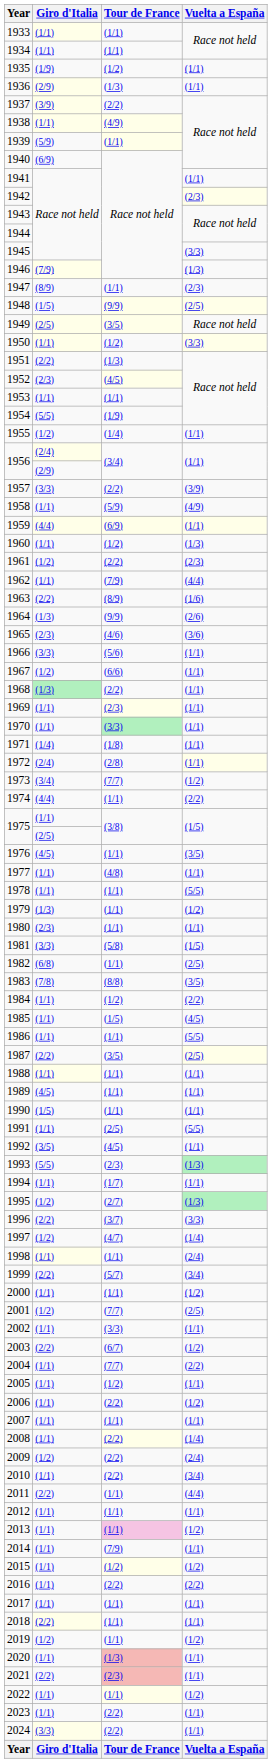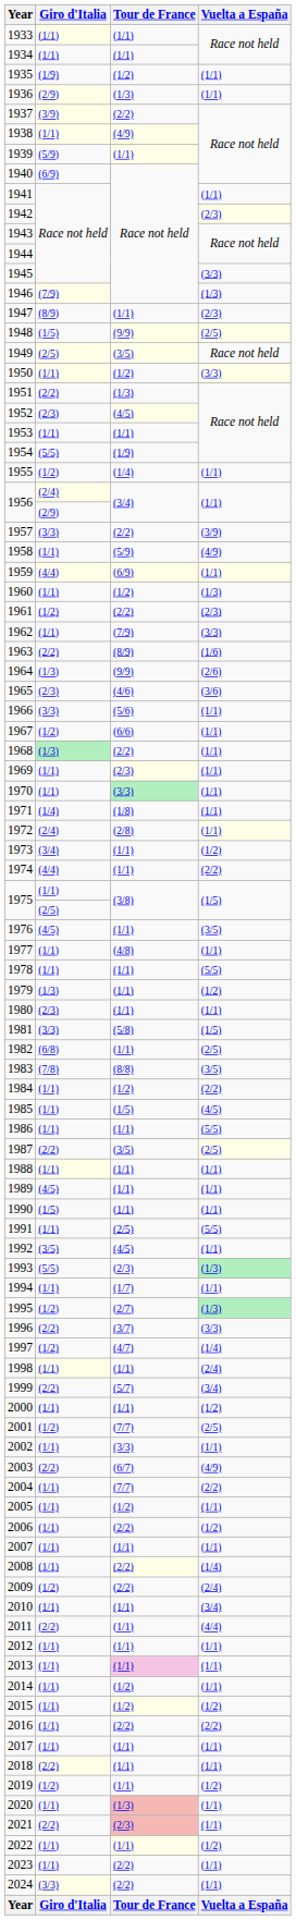 <table class="wikitable sortable">
 <tr>
 <th>Year</th>
 <th> <a href='#'>Giro d'Italia</a></th>
 <th> <a href='#'>Tour de France</a></th>
 <th> <a href='#'>Vuelta a España</a></th>
 </tr>
 <tr>
 <td>1933</td>
 <td style="background: #ffffe8"> <small><a href='#'>(1/1)</a></small></td>
 <td> <small><a href='#'>(1/1)</a></small></td>
 <td style="text-align:center;" rowspan="2"><em>Race not held</em></td>
 </tr>
 <tr>
 <td>1934</td>
 <td> <small><a href='#'>(1/1)</a></small></td>
 <td> <small><a href='#'>(1/1)</a></small></td>
 </tr>
 <tr>
 <td>1935</td>
 <td> <small><a href='#'>(1/9)</a></small></td>
 <td> <small><a href='#'>(1/2)</a></small></td>
 <td> <small><a href='#'>(1/1)</a></small></td>
 </tr>
 <tr>
 <td>1936</td>
 <td style="background: #ffffe8"> <small><a href='#'>(2/9)</a></small></td>
 <td> <small><a href='#'>(1/3)</a></small></td>
 <td> <small><a href='#'>(1/1)</a></small></td>
 </tr>
 <tr>
 <td>1937</td>
 <td style="background: #ffffe8"> <small><a href='#'>(3/9)</a></small></td>
 <td> <small><a href='#'>(2/2)</a></small></td>
 <td style="text-align:center;" rowspan="4"><em>Race not held</em></td>
 </tr>
 <tr>
 <td>1938</td>
 <td style="background: #ffffe8"> <small><a href='#'>(1/1)</a></small></td>
 <td style="background: #ffffe8"> <small><a href='#'>(4/9)</a></small></td>
 </tr>
 <tr>
 <td>1939</td>
 <td> <small><a href='#'>(5/9)</a></small></td>
 <td style="background: #ffffe8"> <small><a href='#'>(1/1)</a></small></td>
 </tr>
 <tr>
 <td>1940</td>
 <td> <small><a href='#'>(6/9)</a></small></td>
 <td style="text-align:center;" rowspan="7"><em>Race not held</em></td>
 </tr>
 <tr>
 <td>1941</td>
 <td style="text-align:center;" rowspan="5"><em>Race not held</em></td>
 <td> <small><a href='#'>(1/1)</a></small></td>
 </tr>
 <tr>
 <td>1942</td>
 <td style="background: #ffffe8"> <small><a href='#'>(2/3)</a></small></td>
 </tr>
 <tr>
 <td>1943</td>
 <td style="text-align:center;" rowspan="2"><em>Race not held</em></td>
 </tr>
 <tr>
 <td>1944</td>
 </tr>
 <tr>
 <td>1945</td>
 <td> <small><a href='#'>(3/3)</a></small></td>
 </tr>
 <tr>
 <td>1946</td>
 <td style="background: #ffffe8"> <small><a href='#'>(7/9)</a></small></td>
 <td> <small><a href='#'>(1/3)</a></small></td>
 </tr>
 <tr>
 <td>1947</td>
 <td> <small><a href='#'>(8/9)</a></small></td>
 <td> <small><a href='#'>(1/1)</a></small></td>
 <td> <small><a href='#'>(2/3)</a></small></td>
 </tr>
 <tr>
 <td>1948</td>
 <td> <small><a href='#'>(1/5)</a></small></td>
 <td style="background: #ffffe8"> <small><a href='#'>(9/9)</a></small></td>
 <td style="background: #ffffe8"> <small><a href='#'>(2/5)</a></small></td>
 </tr>
 <tr>
 <td>1949</td>
 <td style="background: #ffffe8"> <small><a href='#'>(2/5)</a></small></td>
 <td style="background: #ffffe8"> <small><a href='#'>(3/5)</a></small></td>
 <td style="text-align:center;"><em>Race not held</em></td>
 </tr>
 <tr>
 <td>1950</td>
 <td style="background: #ffffe8"> <small><a href='#'>(1/1)</a></small></td>
 <td> <small><a href='#'>(1/2)</a></small></td>
 <td style="background: #ffffe8"> <small><a href='#'>(3/3)</a></small></td>
 </tr>
 <tr>
 <td>1951</td>
 <td> <small><a href='#'>(2/2)</a></small></td>
 <td> <small><a href='#'>(1/3)</a></small></td>
 <td style="text-align:center;" rowspan="4"><em>Race not held</em></td>
 </tr>
 <tr>
 <td>1952</td>
 <td> <small><a href='#'>(2/3)</a></small></td>
 <td style="background: #ffffe8"> <small><a href='#'>(4/5)</a></small></td>
 </tr>
 <tr>
 <td>1953</td>
 <td> <small><a href='#'>(1/1)</a></small></td>
 <td> <small><a href='#'>(1/1)</a></small></td>
 </tr>
 <tr>
 <td>1954</td>
 <td> <small><a href='#'>(5/5)</a></small></td>
 <td> <small><a href='#'>(1/9)</a></small></td>
 </tr>
 <tr>
 <td>1955</td>
 <td> <small><a href='#'>(1/2)</a></small></td>
 <td> <small><a href='#'>(1/4)</a></small></td>
 <td> <small><a href='#'>(1/1)</a></small></td>
 </tr>
 <tr>
 <td rowspan=2>1956</td>
 <td style="background: #ffffe8"> <small><a href='#'>(2/4)</a></small></td>
 <td rowspan=2> <small><a href='#'>(3/4)</a></small></td>
 <td rowspan=2> <small><a href='#'>(1/1)</a></small></td>
 </tr>
 <tr>
 <td> <small><a href='#'>(2/9)</a></small></td>
 </tr>
 <tr>
 <td>1957</td>
 <td> <small><a href='#'>(3/3)</a></small></td>
 <td> <small><a href='#'>(2/2)</a></small></td>
 <td> <small><a href='#'>(3/9)</a></small></td>
 </tr>
 <tr>
 <td>1958</td>
 <td> <small><a href='#'>(1/1)</a></small></td>
 <td> <small><a href='#'>(5/9)</a></small></td>
 <td> <small><a href='#'>(4/9)</a></small></td>
 </tr>
 <tr>
 <td>1959</td>
 <td style="background: #ffffe8"> <small><a href='#'>(4/4)</a></small></td>
 <td style="background: #ffffe8"> <small><a href='#'>(6/9)</a></small></td>
 <td style="background: #ffffe8"> <small><a href='#'>(1/1)</a></small></td>
 </tr>
 <tr>
 <td>1960</td>
 <td> <small><a href='#'>(1/1)</a></small></td>
 <td> <small><a href='#'>(1/2)</a></small></td>
 <td> <small><a href='#'>(1/3)</a></small></td>
 </tr>
 <tr>
 <td>1961</td>
 <td> <small><a href='#'>(1/2)</a></small></td>
 <td> <small><a href='#'>(2/2)</a></small></td>
 <td> <small><a href='#'>(2/3)</a></small></td>
 </tr>
 <tr>
 <td>1962</td>
 <td> <small><a href='#'>(1/1)</a></small></td>
 <td> <small><a href='#'>(7/9)</a></small></td>
-<td> <small><a href='#'>(4/4)</a></small></td>
+<td> <small><a href='#'>(3/3)</a></small></td>
 </tr>
 <tr>
 <td>1963</td>
 <td> <small><a href='#'>(2/2)</a></small></td>
 <td> <small><a href='#'>(8/9)</a></small></td>
 <td> <small><a href='#'>(1/6)</a></small></td>
 </tr>
 <tr>
 <td>1964</td>
 <td> <small><a href='#'>(1/3)</a></small></td>
 <td> <small><a href='#'>(9/9)</a></small></td>
 <td> <small><a href='#'>(2/6)</a></small></td>
 </tr>
 <tr>
 <td>1965</td>
 <td> <small><a href='#'>(2/3)</a></small></td>
 <td> <small><a href='#'>(4/6)</a></small></td>
 <td> <small><a href='#'>(3/6)</a></small></td>
 </tr>
 <tr>
 <td>1966</td>
 <td> <small><a href='#'>(3/3)</a></small></td>
 <td> <small><a href='#'>(5/6)</a></small></td>
 <td> <small><a href='#'>(1/1)</a></small></td>
 </tr>
 <tr>
 <td>1967</td>
 <td> <small><a href='#'>(1/2)</a></small></td>
 <td> <small><a href='#'>(6/6)</a></small></td>
 <td> <small><a href='#'>(1/1)</a></small></td>
 </tr>
 <tr>
 <td>1968</td>
 <td style="background: #b1f0be"> <small><a href='#'>(1/3)</a></small></td>
 <td> <small><a href='#'>(2/2)</a></small></td>
 <td> <small><a href='#'>(1/1)</a></small></td>
 </tr>
 <tr>
 <td>1969</td>
 <td> <small><a href='#'>(1/1)</a></small></td>
 <td style="background: #ffffe8"> <small><a href='#'>(2/3)</a></small></td>
 <td> <small><a href='#'>(1/1)</a></small></td>
 </tr>
 <tr>
 <td>1970</td>
 <td> <small><a href='#'>(1/1)</a></small></td>
 <td style="background: #b1f0be"> <small><a href='#'>(3/3)</a></small></td>
 <td> <small><a href='#'>(1/1)</a></small></td>
 </tr>
 <tr>
 <td>1971</td>
 <td> <small><a href='#'>(1/4)</a></small></td>
 <td> <small><a href='#'>(1/8)</a></small></td>
 <td> <small><a href='#'>(1/1)</a></small></td>
 </tr>
 <tr>
 <td>1972</td>
 <td> <small><a href='#'>(2/4)</a></small></td>
 <td> <small><a href='#'>(2/8)</a></small></td>
 <td style="background: #ffffe8"> <small><a href='#'>(1/1)</a></small></td>
 </tr>
 <tr>
 <td>1973</td>
 <td> <small><a href='#'>(3/4)</a></small></td>
-<td> <small><a href='#'>(7/7)</a></small></td>
+<td> <small><a href='#'>(1/1)</a></small></td>
 <td> <small><a href='#'>(1/2)</a></small></td>
 </tr>
 <tr>
 <td>1974</td>
 <td> <small><a href='#'>(4/4)</a></small></td>
 <td> <small><a href='#'>(1/1)</a></small></td>
 <td> <small><a href='#'>(2/2)</a></small></td>
 </tr>
 <tr>
 <td rowspan=2>1975</td>
 <td> <small><a href='#'>(1/1)</a></small></td>
 <td rowspan=2> <small><a href='#'>(3/8)</a></small></td>
 <td rowspan=2> <small><a href='#'>(1/5)</a></small></td>
 </tr>
 <tr>
 <td> <small><a href='#'>(2/5)</a></small></td>
 </tr>
 <tr>
 <td>1976</td>
 <td> <small><a href='#'>(4/5)</a></small></td>
 <td> <small><a href='#'>(1/1)</a></small></td>
 <td> <small><a href='#'>(3/5)</a></small></td>
 </tr>
 <tr>
 <td>1977</td>
 <td> <small><a href='#'>(1/1)</a></small></td>
 <td> <small><a href='#'>(4/8)</a></small></td>
 <td> <small><a href='#'>(1/1)</a></small></td>
 </tr>
 <tr>
 <td>1978</td>
 <td> <small><a href='#'>(1/1)</a></small></td>
 <td> <small><a href='#'>(1/1)</a></small></td>
 <td> <small><a href='#'>(5/5)</a></small></td>
 </tr>
 <tr>
 <td>1979</td>
 <td> <small><a href='#'>(1/3)</a></small></td>
 <td> <small><a href='#'>(1/1)</a></small></td>
 <td> <small><a href='#'>(1/2)</a></small></td>
 </tr>
 <tr>
 <td>1980</td>
 <td> <small><a href='#'>(2/3)</a></small></td>
 <td> <small><a href='#'>(1/1)</a></small></td>
 <td> <small><a href='#'>(1/1)</a></small></td>
 </tr>
 <tr>
 <td>1981</td>
 <td> <small><a href='#'>(3/3)</a></small></td>
 <td> <small><a href='#'>(5/8)</a></small></td>
 <td> <small><a href='#'>(1/5)</a></small></td>
 </tr>
 <tr>
 <td>1982</td>
 <td> <small><a href='#'>(6/8)</a></small></td>
 <td> <small><a href='#'>(1/1)</a></small></td>
 <td> <small><a href='#'>(2/5)</a></small></td>
 </tr>
 <tr>
 <td>1983</td>
 <td> <small><a href='#'>(7/8)</a></small></td>
 <td> <small><a href='#'>(8/8)</a></small></td>
 <td> <small><a href='#'>(3/5)</a></small></td>
 </tr>
 <tr>
 <td>1984</td>
 <td> <small><a href='#'>(1/1)</a></small></td>
 <td> <small><a href='#'>(1/2)</a></small></td>
 <td> <small><a href='#'>(2/2)</a></small></td>
 </tr>
 <tr>
 <td>1985</td>
 <td> <small><a href='#'>(1/1)</a></small></td>
 <td> <small><a href='#'>(1/5)</a></small></td>
 <td> <small><a href='#'>(4/5)</a></small></td>
 </tr>
 <tr>
 <td>1986</td>
 <td> <small><a href='#'>(1/1)</a></small></td>
 <td> <small><a href='#'>(1/1)</a></small></td>
 <td> <small><a href='#'>(5/5)</a></small></td>
 </tr>
 <tr>
 <td>1987</td>
 <td> <small><a href='#'>(2/2)</a></small></td>
 <td> <small><a href='#'>(3/5)</a></small></td>
 <td style="background: #ffffe8"> <small><a href='#'>(2/5)</a></small></td>
 </tr>
 <tr>
 <td>1988</td>
 <td style="background: #ffffe8"> <small><a href='#'>(1/1)</a></small></td>
 <td> <small><a href='#'>(1/1)</a></small></td>
 <td> <small><a href='#'>(1/1)</a></small></td>
 </tr>
 <tr>
 <td>1989</td>
 <td> <small><a href='#'>(4/5)</a></small></td>
 <td> <small><a href='#'>(1/1)</a></small></td>
 <td> <small><a href='#'>(1/1)</a></small></td>
 </tr>
 <tr>
 <td>1990</td>
 <td> <small><a href='#'>(1/5)</a></small></td>
 <td> <small><a href='#'>(1/1)</a></small></td>
 <td> <small><a href='#'>(1/1)</a></small></td>
 </tr>
 <tr>
 <td>1991</td>
 <td> <small><a href='#'>(1/1)</a></small></td>
 <td> <small><a href='#'>(2/5)</a></small></td>
 <td> <small><a href='#'>(5/5)</a></small></td>
 </tr>
 <tr>
 <td>1992</td>
 <td> <small><a href='#'>(3/5)</a></small></td>
 <td> <small><a href='#'>(4/5)</a></small></td>
 <td> <small><a href='#'>(1/1)</a></small></td>
 </tr>
 <tr>
 <td>1993</td>
 <td> <small><a href='#'>(5/5)</a></small></td>
 <td> <small><a href='#'>(2/3)</a></small></td>
 <td style="background: #b1f0be"> <small><a href='#'>(1/3)</a></small></td>
 </tr>
 <tr>
 <td>1994</td>
 <td> <small><a href='#'>(1/1)</a></small></td>
 <td> <small><a href='#'>(1/7)</a></small></td>
 <td> <small><a href='#'>(1/1)</a></small></td>
 </tr>
 <tr>
 <td>1995</td>
 <td> <small><a href='#'>(1/2)</a></small></td>
 <td> <small><a href='#'>(2/7)</a></small></td>
 <td style="background: #b1f0be"> <small><a href='#'>(1/3)</a></small></td>
 </tr>
 <tr>
 <td>1996</td>
 <td> <small><a href='#'>(2/2)</a></small></td>
 <td> <small><a href='#'>(3/7)</a></small></td>
 <td> <small><a href='#'>(3/3)</a></small></td>
 </tr>
 <tr>
 <td>1997</td>
 <td> <small><a href='#'>(1/2)</a></small></td>
 <td> <small><a href='#'>(4/7)</a></small></td>
 <td> <small><a href='#'>(1/4)</a></small></td>
 </tr>
 <tr>
 <td>1998</td>
 <td style="background: #ffffe8"> <small><a href='#'>(1/1)</a></small></td>
 <td> <small><a href='#'>(1/1)</a></small></td>
 <td> <small><a href='#'>(2/4)</a></small></td>
 </tr>
 <tr>
 <td>1999</td>
 <td> <small><a href='#'>(2/2)</a></small></td>
 <td> <small><a href='#'>(5/7)</a></small></td>
 <td> <small><a href='#'>(3/4)</a></small></td>
 </tr>
 <tr>
 <td>2000</td>
 <td> <small><a href='#'>(1/1)</a></small></td>
 <td> <small><a href='#'>(1/1)</a></small></td>
 <td> <small><a href='#'>(1/2)</a></small></td>
 </tr>
 <tr>
 <td>2001</td>
 <td> <small><a href='#'>(1/2)</a></small></td>
 <td> <small><a href='#'>(7/7)</a></small></td>
 <td> <small><a href='#'>(2/5)</a></small></td>
 </tr>
 <tr>
 <td>2002</td>
 <td> <small><a href='#'>(1/1)</a></small></td>
 <td> <small><a href='#'>(3/3)</a></small></td>
 <td> <small><a href='#'>(1/1)</a></small></td>
 </tr>
 <tr>
 <td>2003</td>
 <td> <small><a href='#'>(2/2)</a></small></td>
 <td> <small><a href='#'>(6/7)</a></small></td>
-<td> <small><a href='#'>(1/2)</a></small></td>
+<td> <small><a href='#'>(4/9)</a></small></td>
 </tr>
 <tr>
 <td>2004</td>
 <td> <small><a href='#'>(1/1)</a></small></td>
 <td> <small><a href='#'>(7/7)</a></small></td>
 <td> <small><a href='#'>(2/2)</a></small></td>
 </tr>
 <tr>
 <td>2005</td>
 <td> <small><a href='#'>(1/1)</a></small></td>
 <td> <small><a href='#'>(1/2)</a></small></td>
 <td> <small><a href='#'>(1/1)</a></small></td>
 </tr>
 <tr>
 <td>2006</td>
 <td> <small><a href='#'>(1/1)</a></small></td>
 <td> <small><a href='#'>(2/2)</a></small></td>
 <td> <small><a href='#'>(1/2)</a></small></td>
 </tr>
 <tr>
 <td>2007</td>
 <td> <small><a href='#'>(1/1)</a></small></td>
 <td> <small><a href='#'>(1/1)</a></small></td>
 <td> <small><a href='#'>(1/1)</a></small></td>
 </tr>
 <tr>
 <td>2008</td>
 <td> <small><a href='#'>(1/1)</a></small></td>
 <td style="background: #ffffe8"> <small><a href='#'>(2/2)</a></small></td>
 <td> <small><a href='#'>(1/4)</a></small></td>
 </tr>
 <tr>
 <td>2009</td>
 <td> <small><a href='#'>(1/2)</a></small></td>
 <td> <small><a href='#'>(2/2)</a></small></td>
 <td> <small><a href='#'>(2/4)</a></small></td>
 </tr>
 <tr>
 <td>2010</td>
 <td> <small><a href='#'>(1/1)</a></small></td>
-<td> <small><a href='#'>(2/2)</a></small></td>
+<td> <small><a href='#'>(1/1)</a></small></td>
 <td> <small><a href='#'>(3/4)</a></small></td>
 </tr>
 <tr>
 <td>2011</td>
 <td> <small><a href='#'>(2/2)</a></small></td>
 <td> <small><a href='#'>(1/1)</a></small></td>
 <td> <small><a href='#'>(4/4)</a></small></td>
 </tr>
 <tr>
 <td>2012</td>
 <td> <small><a href='#'>(1/1)</a></small></td>
 <td> <small><a href='#'>(1/1)</a></small></td>
 <td> <small><a href='#'>(1/1)</a></small></td>
 </tr>
 <tr>
 <td>2013</td>
 <td> <small><a href='#'>(1/1)</a></small></td>
 <td style="background: #f5c4e3"> <small><a href='#'>(1/1)</a></small></td>
-<td> <small><a href='#'>(1/2)</a></small></td>
+<td> <small><a href='#'>(1/1)</a></small></td>
 </tr>
 <tr>
 <td>2014</td>
 <td> <small><a href='#'>(1/1)</a></small></td>
-<td> <small><a href='#'>(7/9)</a></small></td>
+<td> <small><a href='#'>(1/2)</a></small></td>
 <td> <small><a href='#'>(1/1)</a></small></td>
 </tr>
 <tr>
 <td>2015</td>
 <td> <small><a href='#'>(1/1)</a></small></td>
 <td style="background: #ffffe8"> <small><a href='#'>(1/2)</a></small></td>
 <td> <small><a href='#'>(1/2)</a></small></td>
 </tr>
 <tr>
 <td>2016</td>
 <td> <small><a href='#'>(1/1)</a></small></td>
 <td> <small><a href='#'>(2/2)</a></small></td>
 <td> <small><a href='#'>(2/2)</a></small></td>
 </tr>
 <tr>
 <td>2017</td>
 <td> <small><a href='#'>(1/1)</a></small></td>
 <td> <small><a href='#'>(1/1)</a></small></td>
 <td> <small><a href='#'>(1/1)</a></small></td>
 </tr>
 <tr>
 <td>2018</td>
 <td style="background: #ffffe8"> <small><a href='#'>(2/2)</a></small></td>
 <td> <small><a href='#'>(1/1)</a></small></td>
 <td> <small><a href='#'>(1/1)</a></small></td>
 </tr>
 <tr>
 <td>2019</td>
 <td> <small><a href='#'>(1/2)</a></small></td>
 <td> <small><a href='#'>(1/1)</a></small></td>
 <td> <small><a href='#'>(1/2)</a></small></td>
 </tr>
 <tr>
 <td>2020</td>
 <td> <small><a href='#'>(1/1)</a></small></td>
 <td style="background: #f5b8b5"> <small><a href='#'>(1/3)</a></small></td>
 <td> <small><a href='#'>(1/1)</a></small></td>
 </tr>
 <tr>
 <td>2021</td>
 <td> <small><a href='#'>(2/2)</a></small></td>
 <td style="background: #f5b8b5"> <small><a href='#'>(2/3)</a></small></td>
 <td> <small><a href='#'>(1/1)</a></small></td>
 </tr>
 <tr>
 <td>2022</td>
 <td> <small><a href='#'>(1/1)</a></small></td>
 <td style="background: #ffffe8"> <small><a href='#'>(1/1)</a></small></td>
 <td> <small><a href='#'>(1/2)</a></small></td>
 </tr>
 <tr>
 <td>2023</td>
 <td> <small><a href='#'>(1/1)</a></small></td>
 <td> <small><a href='#'>(2/2)</a></small></td>
 <td> <small><a href='#'>(1/1)</a></small></td>
 </tr>
 <tr>
 <td>2024</td>
 <td style="background: #ffffe8"> <small><a href='#'>(3/3)</a></small></td>
 <td> <small><a href='#'>(2/2)</a></small></td>
 <td> <small><a href='#'>(1/1)</a></small></td>
 </tr>
 <tr>
 <th>Year</th>
 <th> <a href='#'>Giro d'Italia</a></th>
 <th> <a href='#'>Tour de France</a></th>
 <th> <a href='#'>Vuelta a España</a></th>
 </tr>
 </table>
